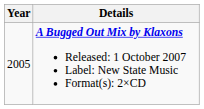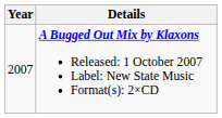 <table class="wikitable">
 <tr>
 <th>Year</th>
 <th style="width:220px;">Details</th>
 </tr>
 <tr>
-<td>2005</td>
+<td>2007</td>
 <td><strong><em><a href='#'>A Bugged Out Mix by Klaxons</a></em></strong><br><ul><li>Released: 1 October 2007</li><li>Label: New State Music</li><li>Format(s): 2×CD</li></ul></td>
 </tr>
 </table>
